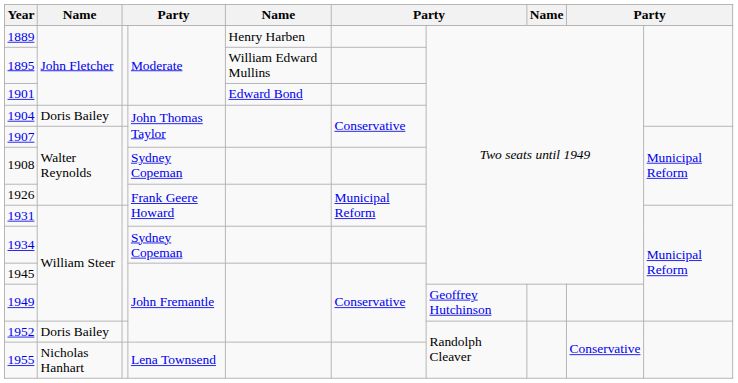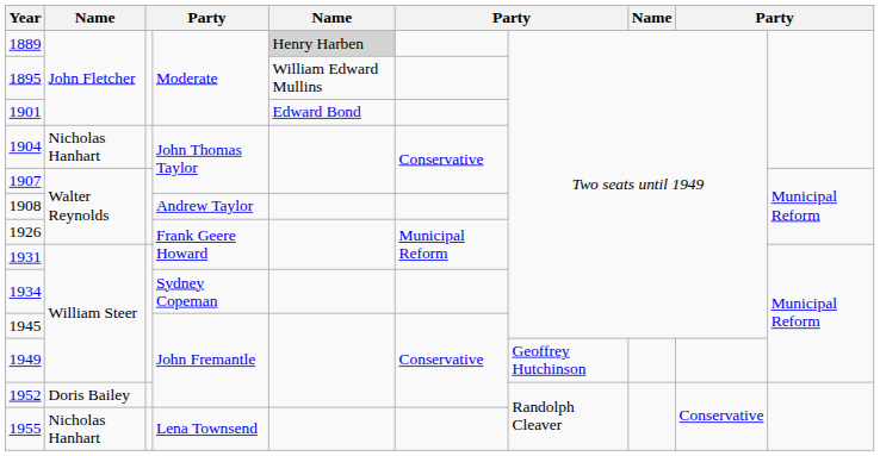 <table class="wikitable">
 <tr>
 <th>Year</th>
 <th>Name</th>
 <th colspan=2>Party</th>
 <th>Name</th>
 <th colspan=2>Party</th>
 <th>Name</th>
 <th colspan=2>Party</th>
 </tr>
 <tr>
 <td><a href='#'>1889</a></td>
 <td rowspan=3><a href='#'>John Fletcher</a></td>
 <td rowspan=3 style="background-color: "></td>
 <td rowspan=3><a href='#'>Moderate</a></td>
-<td>Henry Harben</td>
+<td style="background: lightgrey;">Henry Harben</td>
 <td></td>
 <td rowspan=10 colspan=3 align="center"><em>Two seats until 1949</em></td>
 </tr>
 <tr>
 <td><a href='#'>1895</a></td>
 <td>William Edward Mullins</td>
 <td></td>
 </tr>
 <tr>
 <td><a href='#'>1901</a></td>
 <td><a href='#'>Edward Bond</a></td>
 <td></td>
 </tr>
 <tr>
 <td><a href='#'>1904</a></td>
-<td>Doris Bailey</td>
+<td>Nicholas Hanhart</td>
 <td></td>
 <td rowspan=2><a href='#'>John Thomas Taylor</a></td>
 <td rowspan=2 style="background-color: "></td>
 <td rowspan=2><a href='#'>Conservative</a></td>
 </tr>
 <tr>
 <td><a href='#'>1907</a></td>
 <td rowspan=3>Walter Reynolds</td>
 <td rowspan=3 style="background-color: "></td>
 <td rowspan=3><a href='#'>Municipal Reform</a></td>
 </tr>
 <tr>
 <td>1908</td>
-<td><a href='#'>Sydney Copeman</a></td>
+<td><a href='#'>Andrew Taylor</a></td>
 <td></td>
 </tr>
 <tr>
 <td>1926</td>
 <td rowspan=2><a href='#'>Frank Geere Howard</a></td>
 <td rowspan=2 style="background-color: "></td>
 <td rowspan=2><a href='#'>Municipal Reform</a></td>
 </tr>
 <tr>
 <td><a href='#'>1931</a></td>
 <td rowspan=4>William Steer</td>
 <td rowspan=4 style="background-color: "></td>
 <td rowspan=4><a href='#'>Municipal Reform</a></td>
 </tr>
 <tr>
 <td><a href='#'>1934</a></td>
 <td><a href='#'>Sydney Copeman</a></td>
 <td></td>
 </tr>
 <tr>
 <td>1945</td>
 <td rowspan=3><a href='#'>John Fremantle</a></td>
 <td rowspan=3 style="background-color: "></td>
 <td rowspan=3><a href='#'>Conservative</a></td>
 </tr>
 <tr>
 <td><a href='#'>1949</a></td>
 <td><a href='#'>Geoffrey Hutchinson</a></td>
 <td></td>
 </tr>
 <tr>
 <td><a href='#'>1952</a></td>
 <td>Doris Bailey</td>
 <td></td>
 <td rowspan=2>Randolph Cleaver</td>
 <td rowspan=2 style="background-color: "></td>
 <td rowspan=2><a href='#'>Conservative</a></td>
 </tr>
 <tr>
 <td><a href='#'>1955</a></td>
 <td>Nicholas Hanhart</td>
 <td></td>
 <td><a href='#'>Lena Townsend</a></td>
 <td></td>
 </tr>
 </table>
